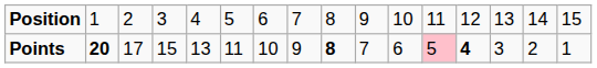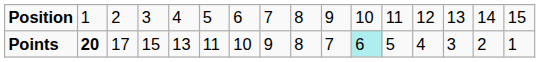 <table class="wikitable" style="font-size: 90%">
 <tr>
 <td><strong>Position</strong></td>
 <td width=20>1</td>
 <td width=20>2</td>
 <td width=20>3</td>
 <td width=20>4</td>
 <td width=20>5</td>
 <td width=20>6</td>
 <td width=20>7</td>
 <td width=20>8</td>
 <td width=20>9</td>
 <td width=20>10</td>
 <td width=20>11</td>
 <td width=20>12</td>
 <td width=20>13</td>
 <td width=20>14</td>
 <td width=20>15</td>
 </tr>
 <tr>
 <td><strong>Points</strong></td>
 <td><strong>20</strong></td>
 <td>17</td>
 <td>15</td>
 <td>13</td>
 <td>11</td>
 <td>10</td>
 <td>9</td>
-<td><strong>8</strong></td>
+<td>8</td>
 <td>7</td>
-<td>6</td>
-<td style="background: pink;">5</td>
-<td><strong>4</strong></td>
+<td style="background: paleturquoise;">6</td>
+<td>5</td>
+<td>4</td>
 <td>3</td>
 <td>2</td>
 <td>1</td>
 </tr>
 </table>
